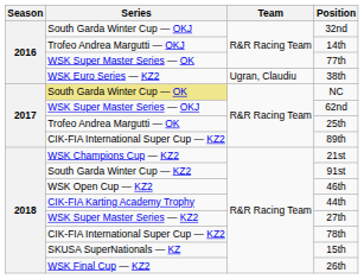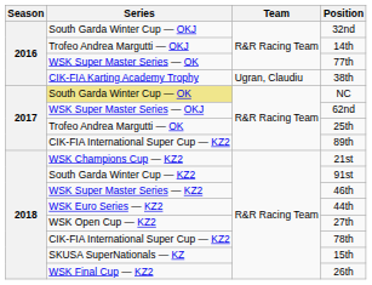 <table class="wikitable" style="font-size: 85%; text-align:center">
 <tr>
 <th>Season</th>
 <th>Series</th>
 <th>Team</th>
 <th>Position</th>
 </tr>
 <tr>
 <th rowspan="4">2016</th>
 <td align="left">South Garda Winter Cup — <a href='#'>OKJ</a></td>
 <td rowspan="3"  align="left">R&R Racing Team</td>
 <td>32nd</td>
 </tr>
 <tr>
 <td align="left">Trofeo Andrea Margutti — <a href='#'>OKJ</a></td>
 <td>14th</td>
 </tr>
 <tr>
 <td align="left"><a href='#'>WSK Super Master Series</a> — <a href='#'>OK</a></td>
 <td>77th</td>
 </tr>
 <tr>
-<td align="left"><a href='#'>WSK Euro Series</a> — <a href='#'>KZ2</a></td>
+<td align="left"><a href='#'>CIK-FIA Karting Academy Trophy</a></td>
 <td align="left">Ugran, Claudiu</td>
 <td>38th</td>
 </tr>
 <tr>
 <th rowspan="4">2017</th>
 <td align="left" style="background: khaki;">South Garda Winter Cup — <a href='#'>OK</a></td>
 <td rowspan="4"  align="left">R&R Racing Team</td>
 <td>NC</td>
 </tr>
 <tr>
 <td align="left"><a href='#'>WSK Super Master Series</a> — <a href='#'>OKJ</a></td>
 <td>62nd</td>
 </tr>
 <tr>
 <td align="left">Trofeo Andrea Margutti — <a href='#'>OK</a></td>
 <td>25th</td>
 </tr>
 <tr>
 <td align="left">CIK-FIA International Super Cup — <a href='#'>KZ2</a></td>
 <td>89th</td>
 </tr>
 <tr>
 <th rowspan="8">2018</th>
 <td align="left"><a href='#'>WSK Champions Cup</a> — <a href='#'>KZ2</a></td>
 <td rowspan="8" align="left">R&R Racing Team</td>
 <td>21st</td>
 </tr>
 <tr>
 <td align="left">South Garda Winter Cup — <a href='#'>KZ2</a></td>
 <td>91st</td>
 </tr>
 <tr>
-<td align="left">WSK Open Cup — <a href='#'>KZ2</a></td>
+<td align="left"><a href='#'>WSK Super Master Series</a> — <a href='#'>KZ2</a></td>
 <td>46th</td>
 </tr>
 <tr>
-<td align="left"><a href='#'>CIK-FIA Karting Academy Trophy</a></td>
+<td align="left"><a href='#'>WSK Euro Series</a> — <a href='#'>KZ2</a></td>
 <td>44th</td>
 </tr>
 <tr>
-<td align="left"><a href='#'>WSK Super Master Series</a> — <a href='#'>KZ2</a></td>
+<td align="left">WSK Open Cup — <a href='#'>KZ2</a></td>
 <td>27th</td>
 </tr>
 <tr>
 <td align="left">CIK-FIA International Super Cup — <a href='#'>KZ2</a></td>
 <td>78th</td>
 </tr>
 <tr>
 <td align="left">SKUSA SuperNationals — <a href='#'>KZ</a></td>
 <td>15th</td>
 </tr>
 <tr>
 <td align="left"><a href='#'>WSK Final Cup</a> — <a href='#'>KZ2</a></td>
 <td>26th</td>
 </tr>
 </table>
